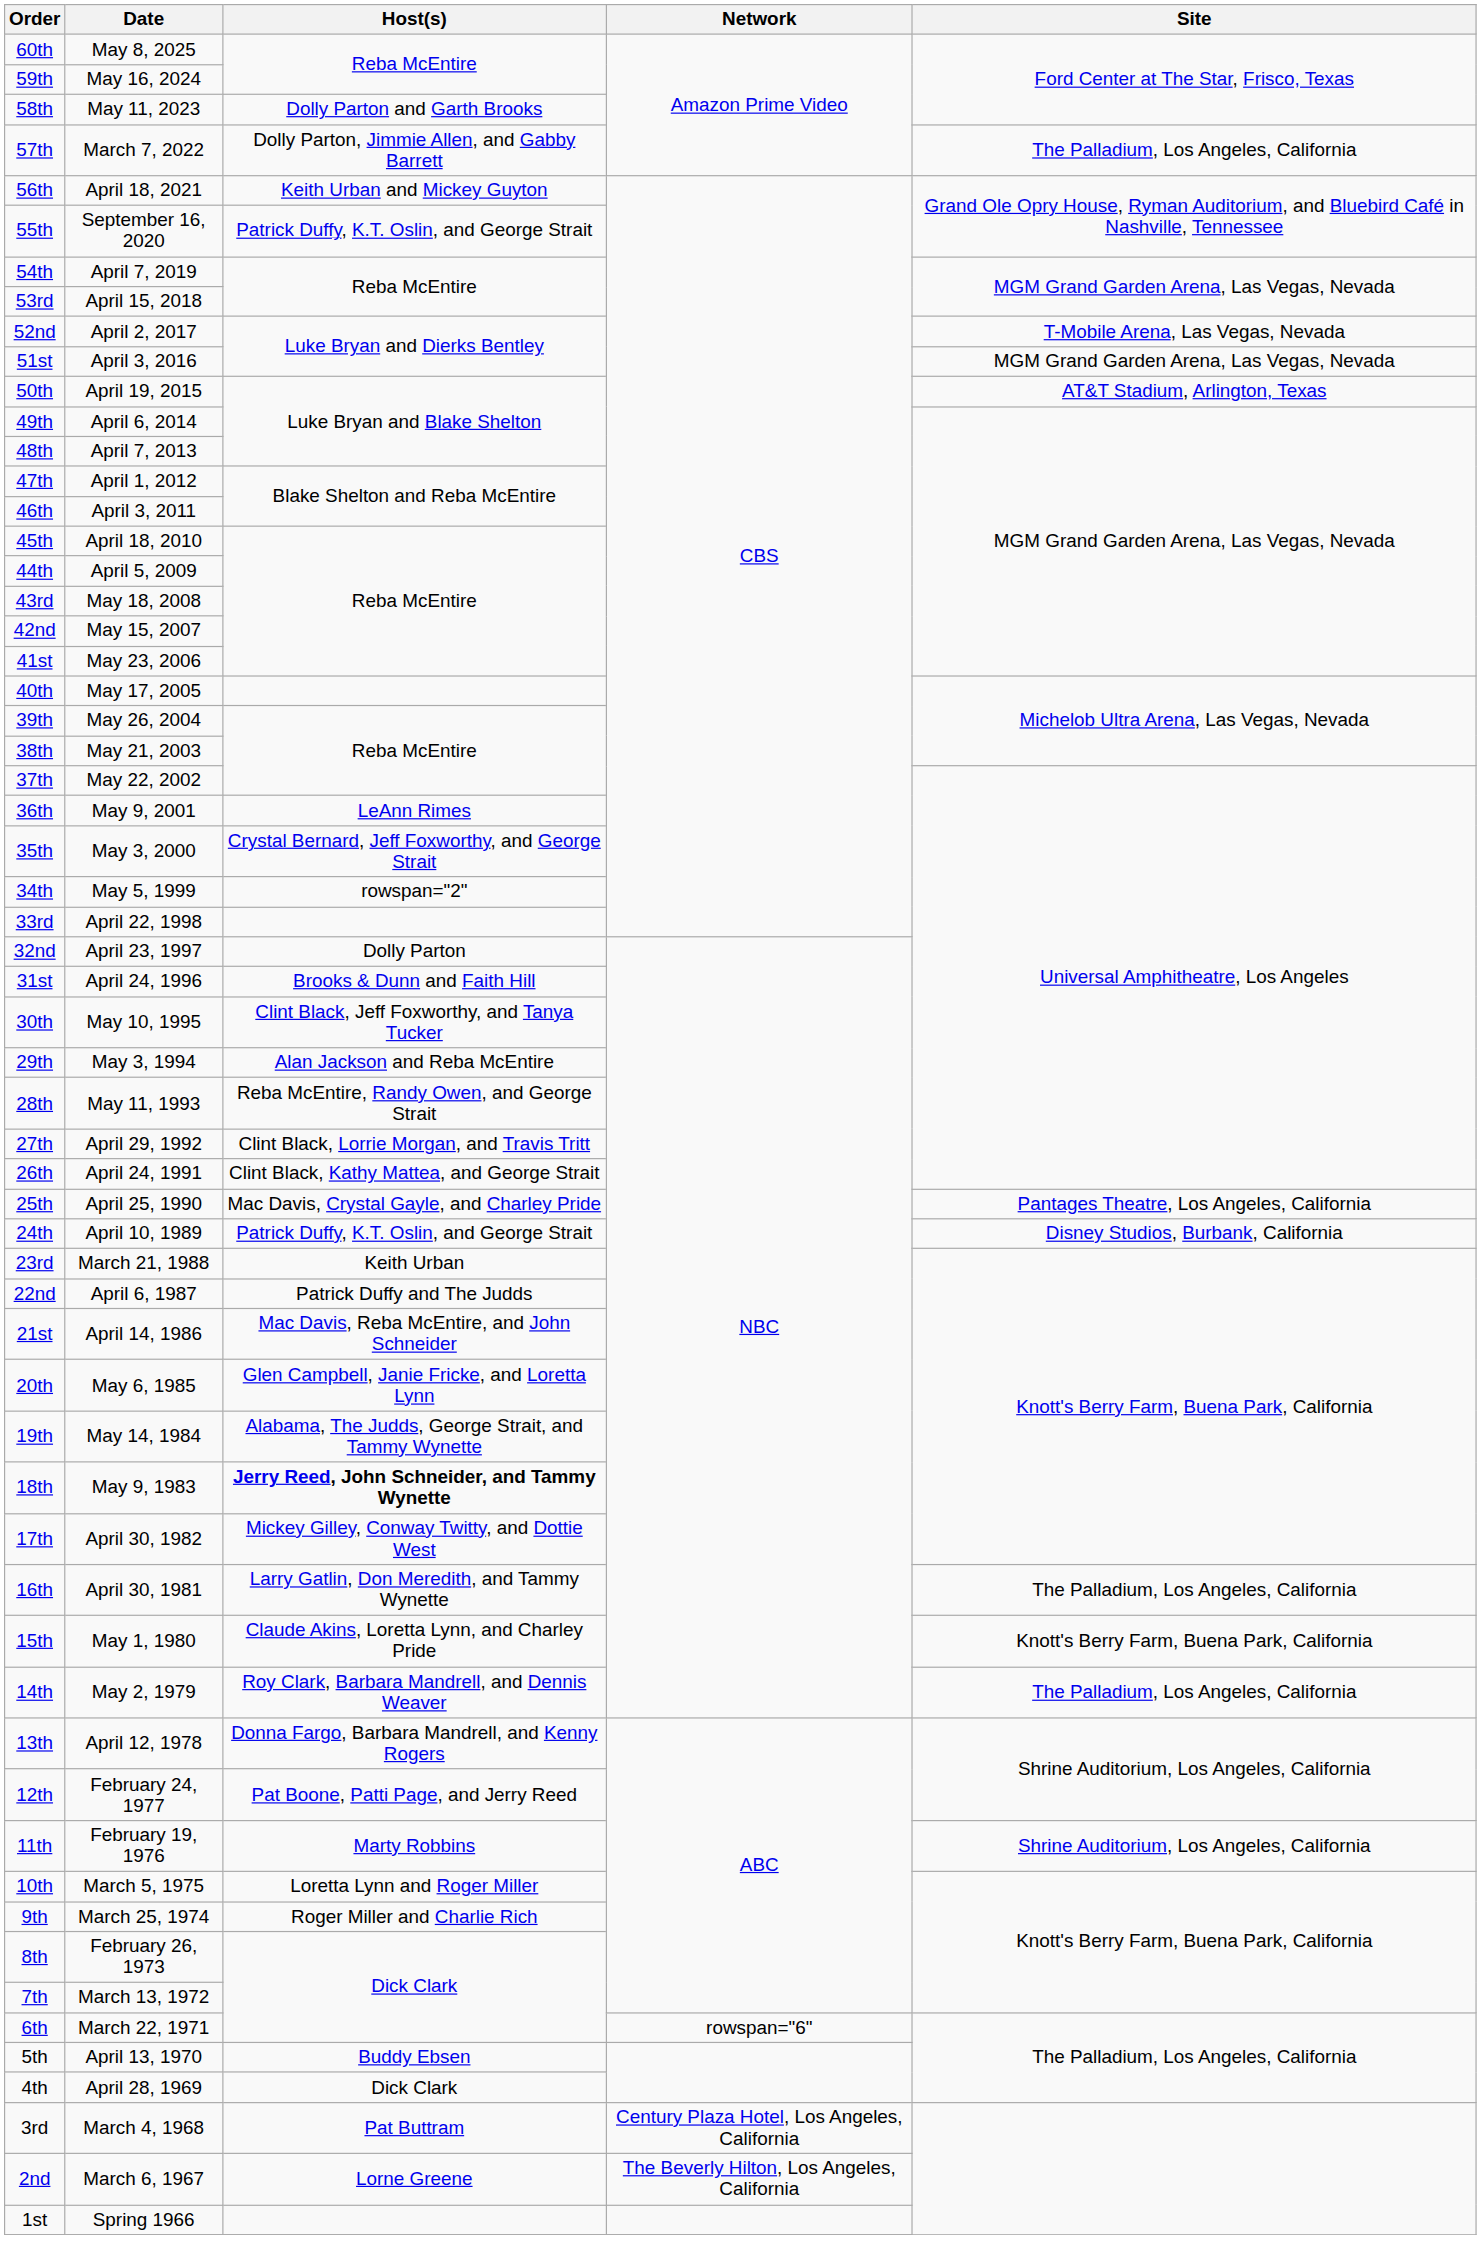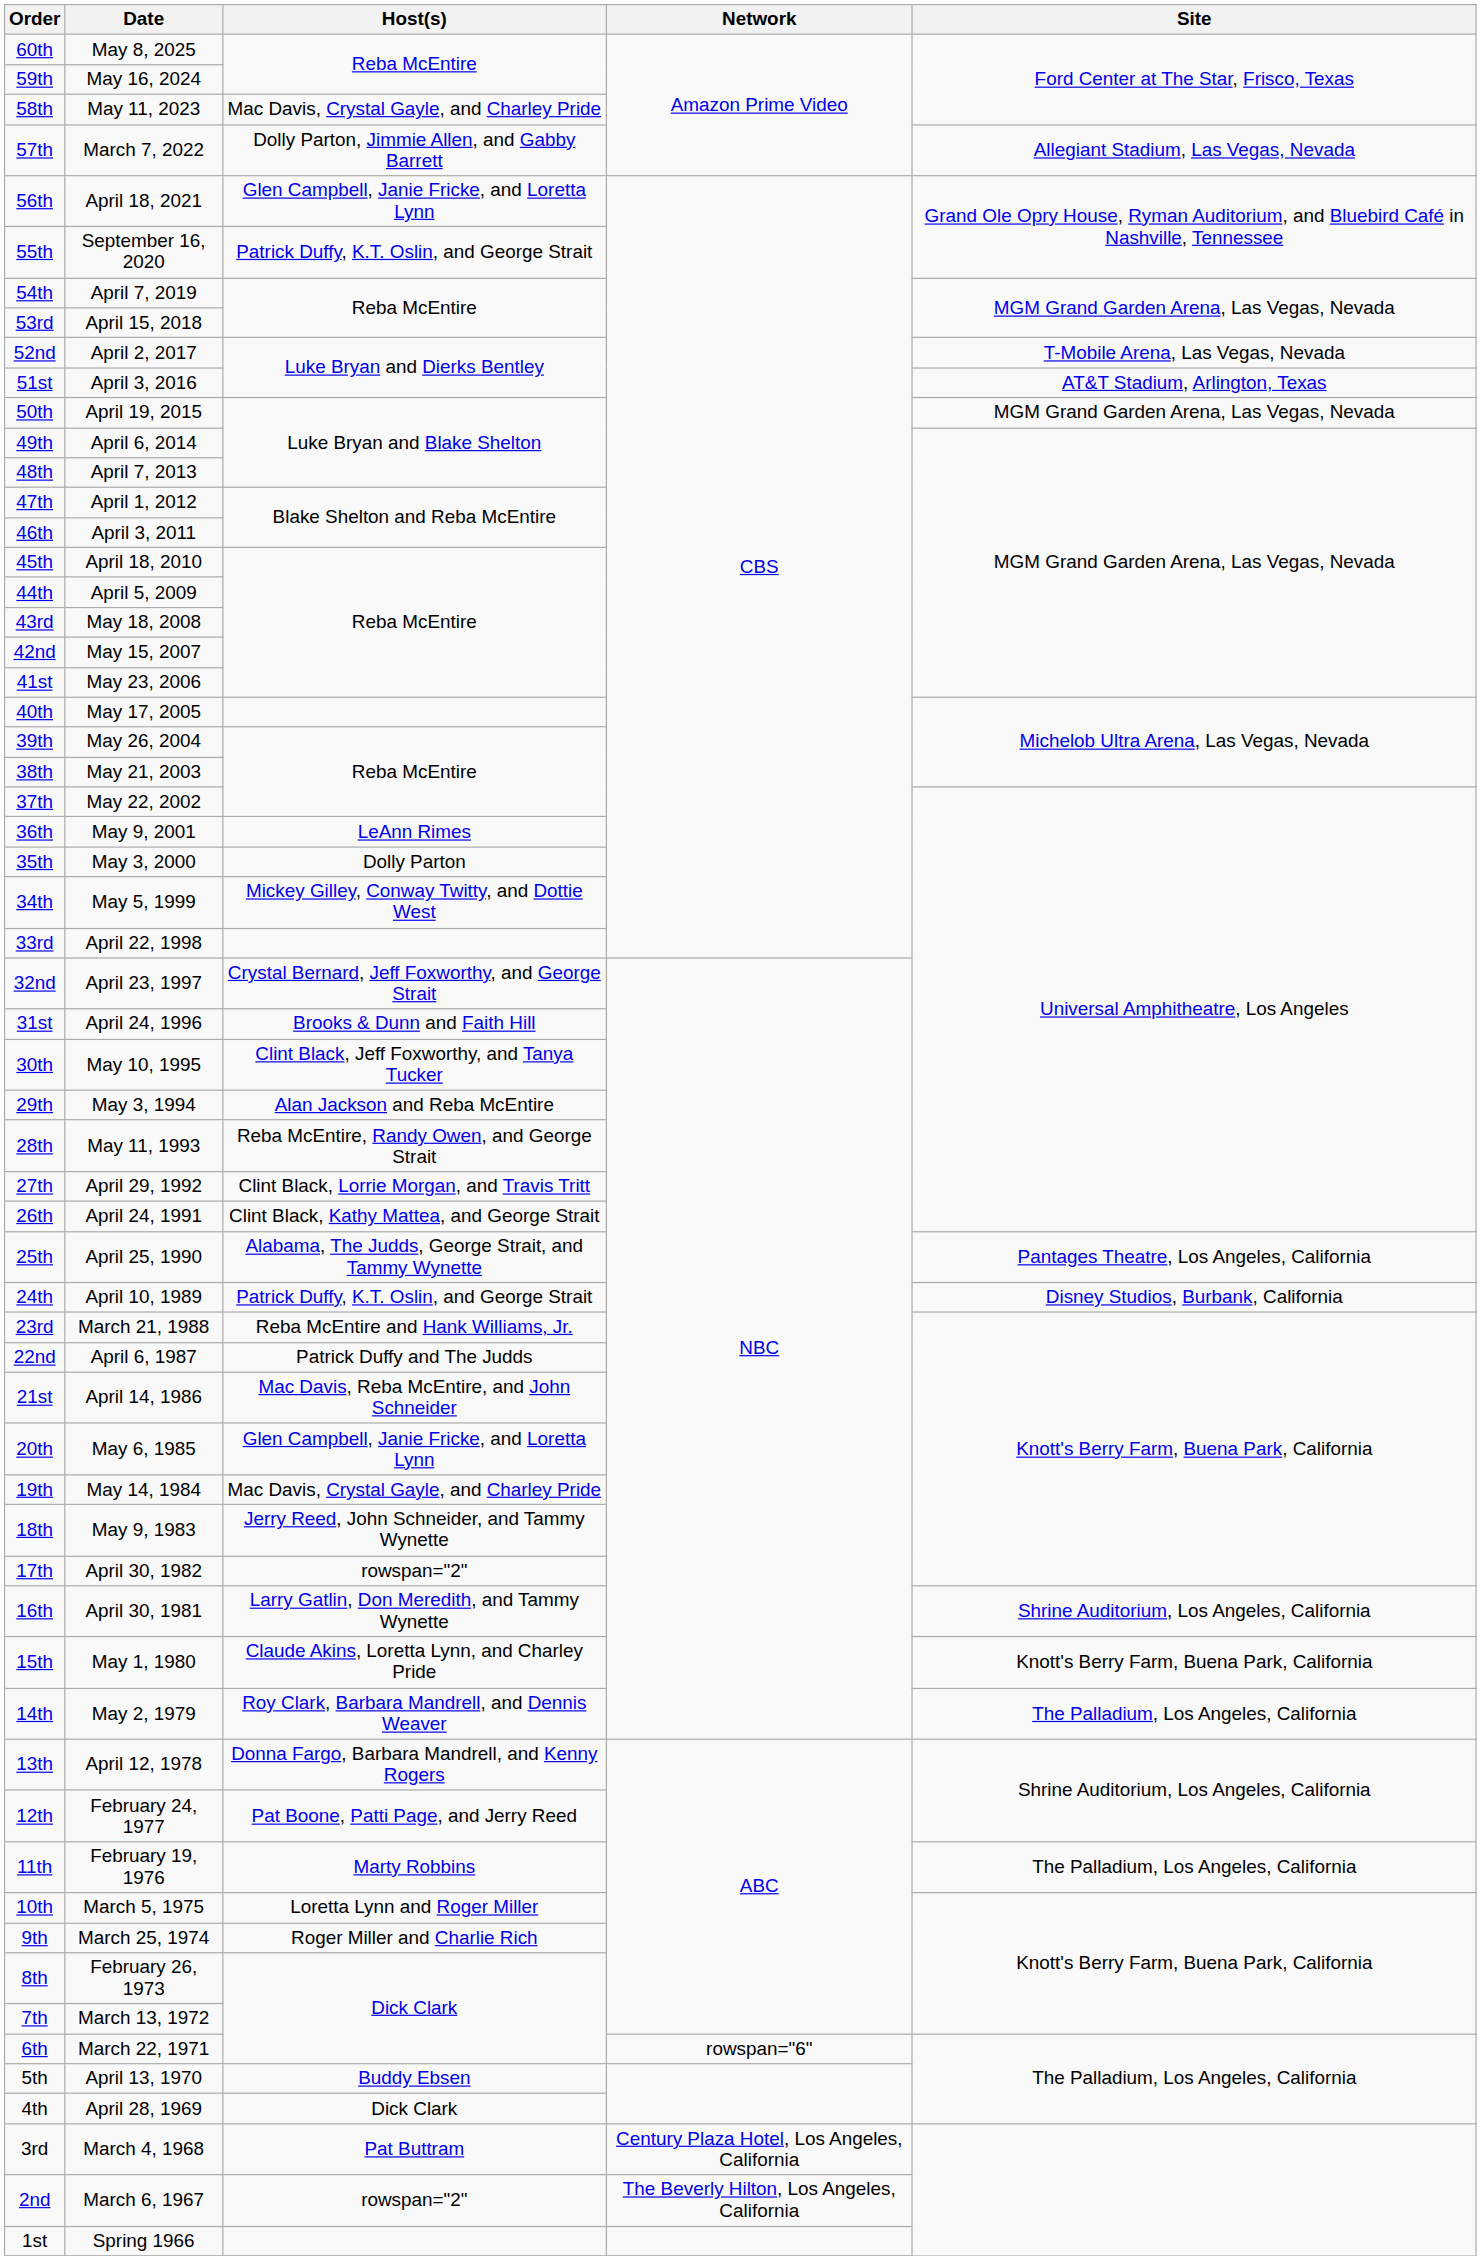 <table class="wikitable plainrowheaders" style="text-align: center">
 <tr>
 <th>Order</th>
 <th>Date</th>
 <th>Host(s)</th>
 <th>Network</th>
 <th>Site</th>
 </tr>
 <tr>
 <td><a href='#'>60th</a></td>
 <td>May 8, 2025</td>
 <td rowspan="2"><a href='#'>Reba McEntire</a></td>
 <td rowspan="4"><a href='#'>Amazon Prime Video</a></td>
 <td rowspan="3"><a href='#'>Ford Center at The Star</a>, <a href='#'>Frisco, Texas</a></td>
 </tr>
 <tr>
 <td><a href='#'>59th</a></td>
 <td>May 16, 2024</td>
 </tr>
 <tr>
 <td><a href='#'>58th</a></td>
 <td>May 11, 2023</td>
-<td><a href='#'>Dolly Parton</a> and <a href='#'>Garth Brooks</a></td>
+<td>Mac Davis, <a href='#'>Crystal Gayle</a>, and <a href='#'>Charley Pride</a></td>
 </tr>
 <tr>
 <td><a href='#'>57th</a></td>
 <td>March 7, 2022</td>
 <td>Dolly Parton, <a href='#'>Jimmie Allen</a>, and <a href='#'>Gabby Barrett</a></td>
-<td><a href='#'>The Palladium</a>, Los Angeles, California</td>
+<td><a href='#'>Allegiant Stadium</a>, <a href='#'>Las Vegas, Nevada</a></td>
 </tr>
 <tr>
 <td><a href='#'>56th</a></td>
 <td>April 18, 2021</td>
-<td><a href='#'>Keith Urban</a> and <a href='#'>Mickey Guyton</a></td>
+<td><a href='#'>Glen Campbell</a>, <a href='#'>Janie Fricke</a>, and <a href='#'>Loretta Lynn</a></td>
 <td rowspan="24"><a href='#'>CBS</a></td>
 <td rowspan="2"><a href='#'>Grand Ole Opry House</a>, <a href='#'>Ryman Auditorium</a>, and <a href='#'>Bluebird Café</a> in <a href='#'>Nashville</a>, <a href='#'>Tennessee</a></td>
 </tr>
 <tr>
 <td><a href='#'>55th</a></td>
 <td>September 16, 2020</td>
 <td><a href='#'>Patrick Duffy</a>, <a href='#'>K.T. Oslin</a>, and George Strait</td>
 </tr>
 <tr>
 <td><a href='#'>54th</a></td>
 <td>April 7, 2019</td>
 <td rowspan="2">Reba McEntire</td>
 <td rowspan="2"><a href='#'>MGM Grand Garden Arena</a>, Las Vegas, Nevada</td>
 </tr>
 <tr>
 <td><a href='#'>53rd</a></td>
 <td>April 15, 2018</td>
 </tr>
 <tr>
 <td><a href='#'>52nd</a></td>
 <td>April 2, 2017</td>
 <td rowspan="2"><a href='#'>Luke Bryan</a> and <a href='#'>Dierks Bentley</a></td>
 <td><a href='#'>T-Mobile Arena</a>, Las Vegas, Nevada</td>
 </tr>
 <tr>
 <td><a href='#'>51st</a></td>
 <td>April 3, 2016</td>
-<td>MGM Grand Garden Arena, Las Vegas, Nevada</td>
+<td><a href='#'>AT&T Stadium</a>, <a href='#'>Arlington, Texas</a></td>
 </tr>
 <tr>
 <td><a href='#'>50th</a></td>
 <td>April 19, 2015</td>
 <td rowspan="3">Luke Bryan and <a href='#'>Blake Shelton</a></td>
-<td><a href='#'>AT&T Stadium</a>, <a href='#'>Arlington, Texas</a></td>
+<td>MGM Grand Garden Arena, Las Vegas, Nevada</td>
 </tr>
 <tr>
 <td><a href='#'>49th</a></td>
 <td>April 6, 2014</td>
 <td rowspan="9">MGM Grand Garden Arena, Las Vegas, Nevada</td>
 </tr>
 <tr>
 <td><a href='#'>48th</a></td>
 <td>April 7, 2013</td>
 </tr>
 <tr>
 <td><a href='#'>47th</a></td>
 <td>April 1, 2012</td>
 <td rowspan="2">Blake Shelton and Reba McEntire</td>
 </tr>
 <tr>
 <td><a href='#'>46th</a></td>
 <td>April 3, 2011</td>
 </tr>
 <tr>
 <td><a href='#'>45th</a></td>
 <td>April 18, 2010</td>
 <td rowspan="5">Reba McEntire</td>
 </tr>
 <tr>
 <td><a href='#'>44th</a></td>
 <td>April 5, 2009</td>
 </tr>
 <tr>
 <td><a href='#'>43rd</a></td>
 <td>May 18, 2008</td>
 </tr>
 <tr>
 <td><a href='#'>42nd</a></td>
 <td>May 15, 2007</td>
 </tr>
 <tr>
 <td><a href='#'>41st</a></td>
 <td>May 23, 2006</td>
 </tr>
 <tr>
 <td><a href='#'>40th</a></td>
 <td>May 17, 2005</td>
 <td></td>
 <td rowspan="3"><a href='#'>Michelob Ultra Arena</a>, Las Vegas, Nevada</td>
 </tr>
 <tr>
 <td><a href='#'>39th</a></td>
 <td>May 26, 2004</td>
 <td rowspan="3">Reba McEntire</td>
 </tr>
 <tr>
 <td><a href='#'>38th</a></td>
 <td>May 21, 2003</td>
 </tr>
 <tr>
 <td><a href='#'>37th</a></td>
 <td>May 22, 2002</td>
 <td rowspan="12"><a href='#'>Universal Amphitheatre</a>, Los Angeles</td>
 </tr>
 <tr>
 <td><a href='#'>36th</a></td>
 <td>May 9, 2001</td>
 <td rowspan="1"><a href='#'>LeAnn Rimes</a></td>
 </tr>
 <tr>
 <td><a href='#'>35th</a></td>
 <td>May 3, 2000</td>
-<td><a href='#'>Crystal Bernard</a>, <a href='#'>Jeff Foxworthy</a>, and <a href='#'>George Strait</a></td>
+<td>Dolly Parton</td>
 </tr>
 <tr>
 <td><a href='#'>34th</a></td>
 <td>May 5, 1999</td>
-<td>rowspan="2" </td>
+<td><a href='#'>Mickey Gilley</a>, <a href='#'>Conway Twitty</a>, and <a href='#'>Dottie West</a></td>
 </tr>
 <tr>
 <td><a href='#'>33rd</a></td>
 <td>April 22, 1998</td>
 </tr>
 <tr>
 <td><a href='#'>32nd</a></td>
 <td>April 23, 1997</td>
-<td>Dolly Parton</td>
+<td><a href='#'>Crystal Bernard</a>, <a href='#'>Jeff Foxworthy</a>, and <a href='#'>George Strait</a></td>
 <td rowspan="19"><a href='#'>NBC</a></td>
 </tr>
 <tr>
 <td><a href='#'>31st</a></td>
 <td>April 24, 1996</td>
 <td><a href='#'>Brooks & Dunn</a> and <a href='#'>Faith Hill</a></td>
 </tr>
 <tr>
 <td><a href='#'>30th</a></td>
 <td>May 10, 1995</td>
 <td><a href='#'>Clint Black</a>, Jeff Foxworthy, and <a href='#'>Tanya Tucker</a></td>
 </tr>
 <tr>
 <td><a href='#'>29th</a></td>
 <td>May 3, 1994</td>
 <td><a href='#'>Alan Jackson</a> and Reba McEntire</td>
 </tr>
 <tr>
 <td><a href='#'>28th</a></td>
 <td>May 11, 1993</td>
 <td>Reba McEntire, <a href='#'>Randy Owen</a>, and George Strait</td>
 </tr>
 <tr>
 <td><a href='#'>27th</a></td>
 <td>April 29, 1992</td>
 <td>Clint Black, <a href='#'>Lorrie Morgan</a>, and <a href='#'>Travis Tritt</a></td>
 </tr>
 <tr>
 <td><a href='#'>26th</a></td>
 <td>April 24, 1991</td>
 <td>Clint Black, <a href='#'>Kathy Mattea</a>, and George Strait</td>
 </tr>
 <tr>
 <td><a href='#'>25th</a></td>
 <td>April 25, 1990</td>
-<td>Mac Davis, <a href='#'>Crystal Gayle</a>, and <a href='#'>Charley Pride</a></td>
+<td><a href='#'>Alabama</a>, <a href='#'>The Judds</a>, George Strait, and <a href='#'>Tammy Wynette</a></td>
 <td><a href='#'>Pantages Theatre</a>, Los Angeles, California</td>
 </tr>
 <tr>
 <td><a href='#'>24th</a></td>
 <td>April 10, 1989</td>
 <td><a href='#'>Patrick Duffy</a>, <a href='#'>K.T. Oslin</a>, and George Strait</td>
 <td><a href='#'>Disney Studios</a>, <a href='#'>Burbank</a>, California</td>
 </tr>
 <tr>
 <td><a href='#'>23rd</a></td>
 <td>March 21, 1988</td>
-<td>Keith Urban</td>
+<td>Reba McEntire and <a href='#'>Hank Williams, Jr.</a></td>
 <td rowspan="7"><a href='#'>Knott's Berry Farm</a>, <a href='#'>Buena Park</a>, California</td>
 </tr>
 <tr>
 <td><a href='#'>22nd</a></td>
 <td>April 6, 1987</td>
 <td>Patrick Duffy and The Judds</td>
 </tr>
 <tr>
 <td><a href='#'>21st</a></td>
 <td>April 14, 1986</td>
 <td><a href='#'>Mac Davis</a>, Reba McEntire, and <a href='#'>John Schneider</a></td>
 </tr>
 <tr>
 <td><a href='#'>20th</a></td>
 <td>May 6, 1985</td>
 <td><a href='#'>Glen Campbell</a>, <a href='#'>Janie Fricke</a>, and <a href='#'>Loretta Lynn</a></td>
 </tr>
 <tr>
 <td><a href='#'>19th</a></td>
 <td>May 14, 1984</td>
-<td><a href='#'>Alabama</a>, <a href='#'>The Judds</a>, George Strait, and <a href='#'>Tammy Wynette</a></td>
+<td>Mac Davis, <a href='#'>Crystal Gayle</a>, and <a href='#'>Charley Pride</a></td>
 </tr>
 <tr>
 <td><a href='#'>18th</a></td>
 <td>May 9, 1983</td>
-<td><strong><a href='#'>Jerry Reed</a>, John Schneider, and Tammy Wynette</strong></td>
+<td><a href='#'>Jerry Reed</a>, John Schneider, and Tammy Wynette</td>
 </tr>
 <tr>
 <td><a href='#'>17th</a></td>
 <td>April 30, 1982</td>
-<td><a href='#'>Mickey Gilley</a>, <a href='#'>Conway Twitty</a>, and <a href='#'>Dottie West</a></td>
+<td>rowspan="2" </td>
 </tr>
 <tr>
 <td><a href='#'>16th</a></td>
 <td>April 30, 1981</td>
 <td><a href='#'>Larry Gatlin</a>, <a href='#'>Don Meredith</a>, and Tammy Wynette</td>
-<td>The Palladium, Los Angeles, California</td>
+<td><a href='#'>Shrine Auditorium</a>, Los Angeles, California</td>
 </tr>
 <tr>
 <td><a href='#'>15th</a></td>
 <td>May 1, 1980</td>
 <td><a href='#'>Claude Akins</a>, Loretta Lynn, and Charley Pride</td>
 <td>Knott's Berry Farm, Buena Park, California</td>
 </tr>
 <tr>
 <td><a href='#'>14th</a></td>
 <td>May 2, 1979</td>
 <td><a href='#'>Roy Clark</a>, <a href='#'>Barbara Mandrell</a>, and <a href='#'>Dennis Weaver</a></td>
 <td><a href='#'>The Palladium</a>, Los Angeles, California</td>
 </tr>
 <tr>
 <td><a href='#'>13th</a></td>
 <td>April 12, 1978</td>
 <td><a href='#'>Donna Fargo</a>, Barbara Mandrell, and <a href='#'>Kenny Rogers</a></td>
 <td rowspan="7"><a href='#'>ABC</a></td>
 <td rowspan="2">Shrine Auditorium, Los Angeles, California</td>
 </tr>
 <tr>
 <td><a href='#'>12th</a></td>
 <td>February 24, 1977</td>
 <td><a href='#'>Pat Boone</a>, <a href='#'>Patti Page</a>, and Jerry Reed</td>
 </tr>
 <tr>
 <td><a href='#'>11th</a></td>
 <td>February 19, 1976</td>
 <td><a href='#'>Marty Robbins</a></td>
-<td><a href='#'>Shrine Auditorium</a>, Los Angeles, California</td>
+<td>The Palladium, Los Angeles, California</td>
 </tr>
 <tr>
 <td><a href='#'>10th</a></td>
 <td>March 5, 1975</td>
 <td>Loretta Lynn and <a href='#'>Roger Miller</a></td>
 <td rowspan="4">Knott's Berry Farm, Buena Park, California</td>
 </tr>
 <tr>
 <td><a href='#'>9th</a></td>
 <td>March 25, 1974</td>
 <td>Roger Miller and <a href='#'>Charlie Rich</a></td>
 </tr>
 <tr>
 <td><a href='#'>8th</a></td>
 <td>February 26, 1973</td>
 <td rowspan="3"><a href='#'>Dick Clark</a></td>
 </tr>
 <tr>
 <td><a href='#'>7th</a></td>
 <td>March 13, 1972</td>
 </tr>
 <tr>
 <td><a href='#'>6th</a></td>
 <td>March 22, 1971</td>
 <td>rowspan="6" </td>
 <td rowspan="3">The Palladium, Los Angeles, California</td>
 </tr>
 <tr>
 <td>5th</td>
 <td>April 13, 1970</td>
 <td><a href='#'>Buddy Ebsen</a></td>
 </tr>
 <tr>
 <td>4th</td>
 <td>April 28, 1969</td>
 <td>Dick Clark</td>
 </tr>
 <tr>
 <td>3rd</td>
 <td>March 4, 1968</td>
 <td><a href='#'>Pat Buttram</a></td>
 <td><a href='#'>Century Plaza Hotel</a>, Los Angeles, California</td>
 </tr>
 <tr>
 <td><a href='#'>2nd</a></td>
 <td>March 6, 1967</td>
-<td><a href='#'>Lorne Greene</a></td>
+<td>rowspan="2" </td>
 <td><a href='#'>The Beverly Hilton</a>, Los Angeles, California</td>
 </tr>
 <tr>
 <td>1st</td>
 <td>Spring 1966</td>
 <td></td>
 <td></td>
 </tr>
 <tr>
 </tr>
 </table>
